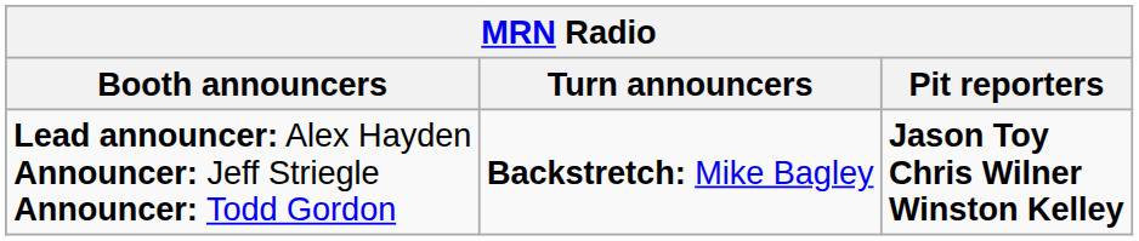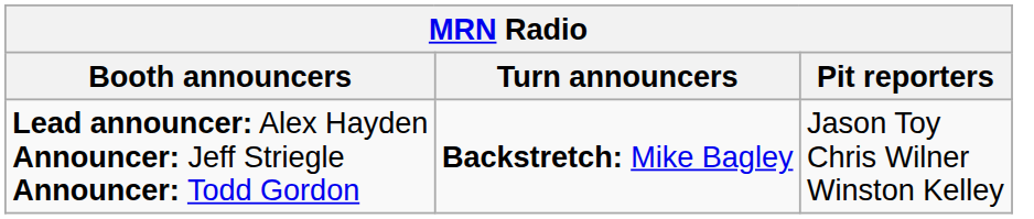 <table class="wikitable" style="font-size: 95%;">
 <tr>
 <th colspan="3"><a href='#'>MRN</a> Radio</th>
 </tr>
 <tr>
 <th>Booth announcers</th>
 <th>Turn announcers</th>
 <th>Pit reporters</th>
 </tr>
 <tr>
 <td><strong>Lead announcer:</strong> Alex Hayden<br><strong>Announcer:</strong> Jeff Striegle<br><strong>Announcer:</strong> <a href='#'>Todd Gordon</a></td>
 <td><strong>Backstretch:</strong> <a href='#'>Mike Bagley</a></td>
-<td><strong>Jason Toy<br>Chris Wilner<br>Winston Kelley</strong></td>
+<td>Jason Toy<br>Chris Wilner<br>Winston Kelley</td>
 </tr>
 </table>
